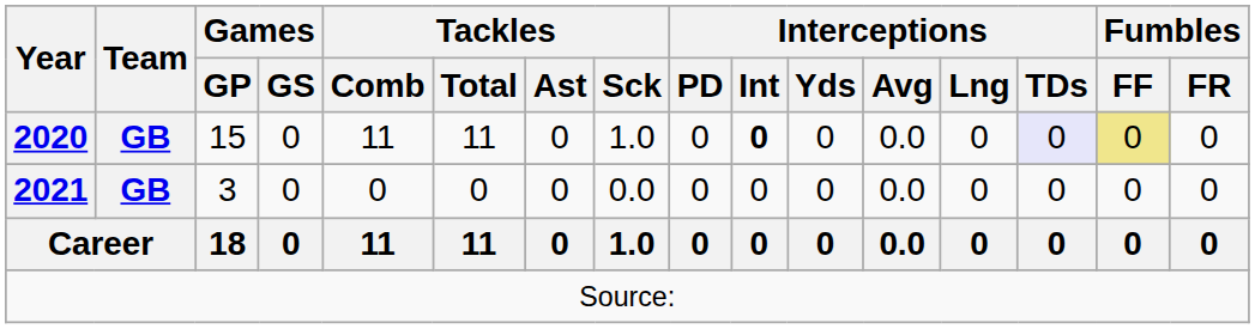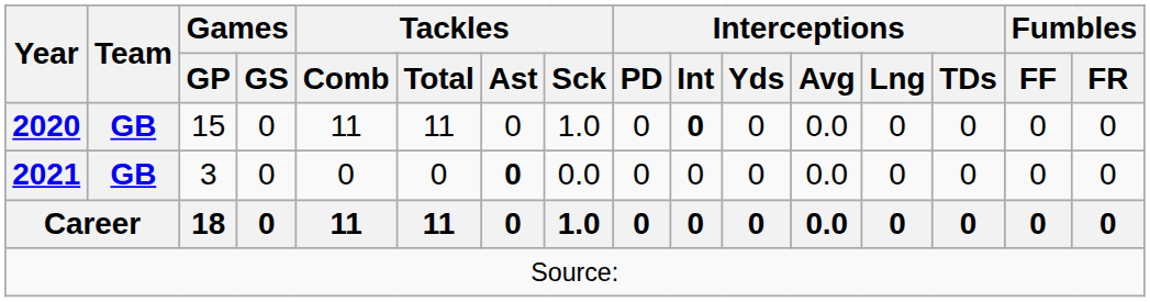 <table class="wikitable" style="text-align: center;">
 <tr>
 <th rowspan="2">Year</th>
 <th rowspan="2">Team</th>
 <th colspan="2">Games</th>
 <th colspan="4">Tackles</th>
 <th colspan="6">Interceptions</th>
 <th colspan="2">Fumbles</th>
 </tr>
 <tr>
 <th>GP</th>
 <th>GS</th>
 <th>Comb</th>
 <th>Total</th>
 <th>Ast</th>
 <th>Sck</th>
 <th>PD</th>
 <th>Int</th>
 <th>Yds</th>
 <th>Avg</th>
 <th>Lng</th>
 <th>TDs</th>
 <th>FF</th>
 <th>FR</th>
 </tr>
 <tr>
 <th><a href='#'>2020</a></th>
 <th><a href='#'>GB</a></th>
 <td>15</td>
 <td>0</td>
 <td>11</td>
 <td>11</td>
 <td>0</td>
 <td>1.0</td>
 <td>0</td>
 <td><strong>0</strong></td>
 <td>0</td>
 <td>0.0</td>
 <td>0</td>
-<td style="background: lavender;">0</td>
-<td style="background: khaki;">0</td>
+<td>0</td>
+<td>0</td>
 <td>0</td>
 </tr>
 <tr>
 <th><a href='#'>2021</a></th>
 <th><a href='#'>GB</a></th>
 <td>3</td>
 <td>0</td>
 <td>0</td>
 <td>0</td>
-<td>0</td>
+<td><strong>0</strong></td>
 <td>0.0</td>
 <td>0</td>
 <td>0</td>
 <td>0</td>
 <td>0.0</td>
 <td>0</td>
 <td>0</td>
 <td>0</td>
 <td>0</td>
 </tr>
 <tr>
 <th colspan="2">Career</th>
 <th>18</th>
 <th>0</th>
 <th>11</th>
 <th>11</th>
 <th>0</th>
 <th>1.0</th>
 <th>0</th>
 <th>0</th>
 <th>0</th>
 <th>0.0</th>
 <th>0</th>
 <th>0</th>
 <th>0</th>
 <th>0</th>
 </tr>
 <tr>
 <td colspan="17"><small>Source: </small></td>
 </tr>
 </table>
